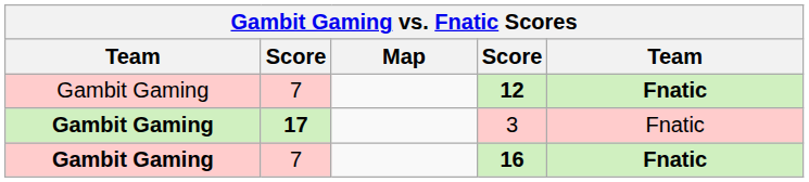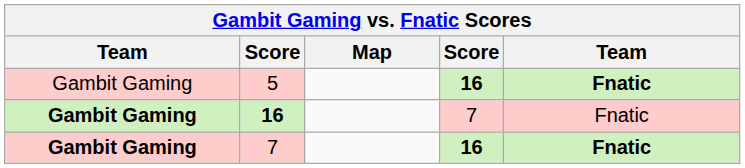 <table class="wikitable" style="text-align: center;">
 <tr>
 <th colspan=5><a href='#'>Gambit Gaming</a> vs. <a href='#'>Fnatic</a> Scores</th>
 </tr>
 <tr>
 <th width="181px">Team</th>
 <th width="20px">Score</th>
 <th width="100px">Map</th>
 <th width="20px">Score</th>
 <th width="181px">Team</th>
 </tr>
 <tr>
 <td style="background: #FFCCCC;">Gambit Gaming</td>
-<td style="background: #FFCCCC;">7</td>
+<td style="background: #FFCCCC;">5</td>
 <td></td>
-<td style="background: #D0F0C0;"><strong>12</strong></td>
+<td style="background: #D0F0C0;"><strong>16</strong></td>
 <td style="background: #D0F0C0;"><strong>Fnatic</strong></td>
 </tr>
 <tr>
 <td style="background: #D0F0C0;"><strong>Gambit Gaming</strong></td>
-<td style="background: #D0F0C0;"><strong>17</strong></td>
+<td style="background: #D0F0C0;"><strong>16</strong></td>
 <td></td>
-<td style="background: #FFCCCC;">3</td>
+<td style="background: #FFCCCC;">7</td>
 <td style="background: #FFCCCC;">Fnatic</td>
 </tr>
 <tr>
 <td style="background: #FFCCCC;"><strong>Gambit Gaming</strong></td>
 <td style="background: #FFCCCC;">7</td>
 <td></td>
 <td style="background: #D0F0C0;"><strong>16</strong></td>
 <td style="background: #D0F0C0;"><strong>Fnatic</strong></td>
 </tr>
 </table>
